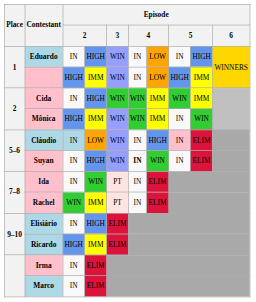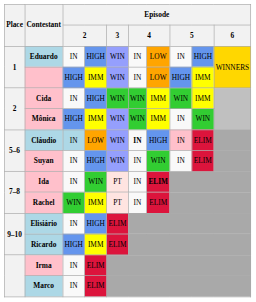 <table class="wikitable" style="text-align: center; font-size: 8pt; line-height:25px;">
 <tr>
 <th rowspan="02">Place</th>
 <th rowspan="02">Contestant</th>
 <th colspan="8">Episode</th>
 </tr>
 <tr>
 <th colspan=2>2</th>
 <th>3</th>
 <th colspan=2>4</th>
 <th colspan=2>5</th>
 <th>6</th>
 </tr>
 <tr>
 <th rowspan=2>1</th>
 <td style="background:#ADD8E6"><strong>Eduardo</strong></td>
 <td>IN</td>
 <td bgcolor="6495ED">HIGH</td>
 <td bgcolor="959FFD">WIN</td>
 <td>IN</td>
 <td bgcolor="FFA500">LOW</td>
 <td>IN</td>
 <td bgcolor="6495ED">HIGH</td>
 <td rowspan="2" bgcolor="FFD700">WINNERS</td>
 </tr>
 <tr>
 <td style="background:#FFC0CB"><strong></strong></td>
 <td bgcolor="6495ED">HIGH</td>
 <td bgcolor="FFFF00">IMM</td>
 <td bgcolor="959FFD">WIN</td>
 <td>IN</td>
 <td bgcolor="FFA500">LOW</td>
 <td bgcolor="6495ED">HIGH</td>
 <td bgcolor="FFFF00">IMM</td>
 </tr>
 <tr>
 <th rowspan=2>2</th>
 <td style="background:#FFC0CB"><strong>Cida</strong></td>
 <td>IN</td>
 <td bgcolor="6495ED">HIGH</td>
 <td bgcolor="32CD32">WIN</td>
 <td bgcolor="32CD32">WIN</td>
 <td bgcolor="FFFF00">IMM</td>
 <td bgcolor="32CD32">WIN</td>
 <td bgcolor="FFFF00">IMM</td>
 <td rowspan="2" bgcolor="C0C0C0"></td>
 </tr>
 <tr>
 <td style="background:#FFC0CB"><strong>Mônica</strong></td>
 <td bgcolor="6495ED">HIGH</td>
 <td bgcolor="FFFF00">IMM</td>
 <td bgcolor="959FFD">WIN</td>
 <td bgcolor="32CD32">WIN</td>
 <td bgcolor="FFFF00">IMM</td>
 <td>IN</td>
 <td bgcolor="32CD32">WIN</td>
 </tr>
 <tr>
 <th rowspan=2>5–6</th>
 <td style="background:#ADD8E6"><strong>Cláudio</strong></td>
 <td style="background: lightblue;">IN</td>
 <td bgcolor="FFA500">LOW</td>
 <td bgcolor="959FFD">WIN</td>
-<td>IN</td>
+<td><strong>IN</strong></td>
 <td bgcolor="6495ED">HIGH</td>
 <td style="background: pink;">IN</td>
 <td bgcolor="DC143C">ELIM</td>
 <td bgcolor="A9A9A9"></td>
 </tr>
 <tr>
 <td style="background:#FFC0CB"><strong>Suyan</strong></td>
 <td>IN</td>
 <td bgcolor="6495ED">HIGH</td>
 <td bgcolor="959FFD">WIN</td>
-<td><strong>IN</strong></td>
+<td>IN</td>
 <td bgcolor="32CD32">WIN</td>
 <td>IN</td>
 <td bgcolor="DC143C">ELIM</td>
 <td bgcolor="A9A9A9"></td>
 </tr>
 <tr>
 <th rowspan=2>7–8</th>
 <td style="background:#FFC0CB"><strong>Ida</strong></td>
 <td>IN</td>
 <td bgcolor="32CD32">WIN</td>
 <td bgcolor="FFE4E1">PT</td>
 <td>IN</td>
-<td bgcolor="DC143C">ELIM</td>
+<td bgcolor="DC143C"><strong>ELIM</strong></td>
 <td colspan="3" bgcolor="A9A9A9"></td>
 </tr>
 <tr>
 <td style="background:#FFC0CB"><strong>Rachel</strong></td>
 <td bgcolor="32CD32">WIN</td>
 <td bgcolor="FFFF00">IMM</td>
 <td bgcolor="FFE4E1">PT</td>
 <td>IN</td>
 <td bgcolor="DC143C">ELIM</td>
 <td colspan="3" bgcolor="A9A9A9"></td>
 </tr>
 <tr>
 <th rowspan=2>9–10</th>
 <td style="background:#ADD8E6"><strong>Elisiário</strong></td>
 <td>IN</td>
 <td bgcolor="6495ED">HIGH</td>
 <td bgcolor="DC143C">ELIM</td>
 <td colspan="5" bgcolor="A9A9A9"></td>
 </tr>
 <tr>
 <td style="background:#ADD8E6"><strong>Ricardo</strong></td>
 <td bgcolor="6495ED">HIGH</td>
 <td bgcolor="FFFF00">IMM</td>
 <td bgcolor="DC143C">ELIM</td>
 <td colspan="5" bgcolor="A9A9A9"></td>
 </tr>
 <tr>
 <th rowspan=2></th>
 <td style="background:#FFC0CB"><strong>Irma</strong></td>
 <td>IN</td>
 <td bgcolor="DC143C">ELIM</td>
 <td colspan="6" bgcolor="A9A9A9"></td>
 </tr>
 <tr>
 <td style="background:#ADD8E6"><strong>Marco</strong></td>
 <td>IN</td>
 <td bgcolor="DC143C">ELIM</td>
 <td colspan="6" bgcolor="A9A9A9"></td>
 </tr>
 </table>
